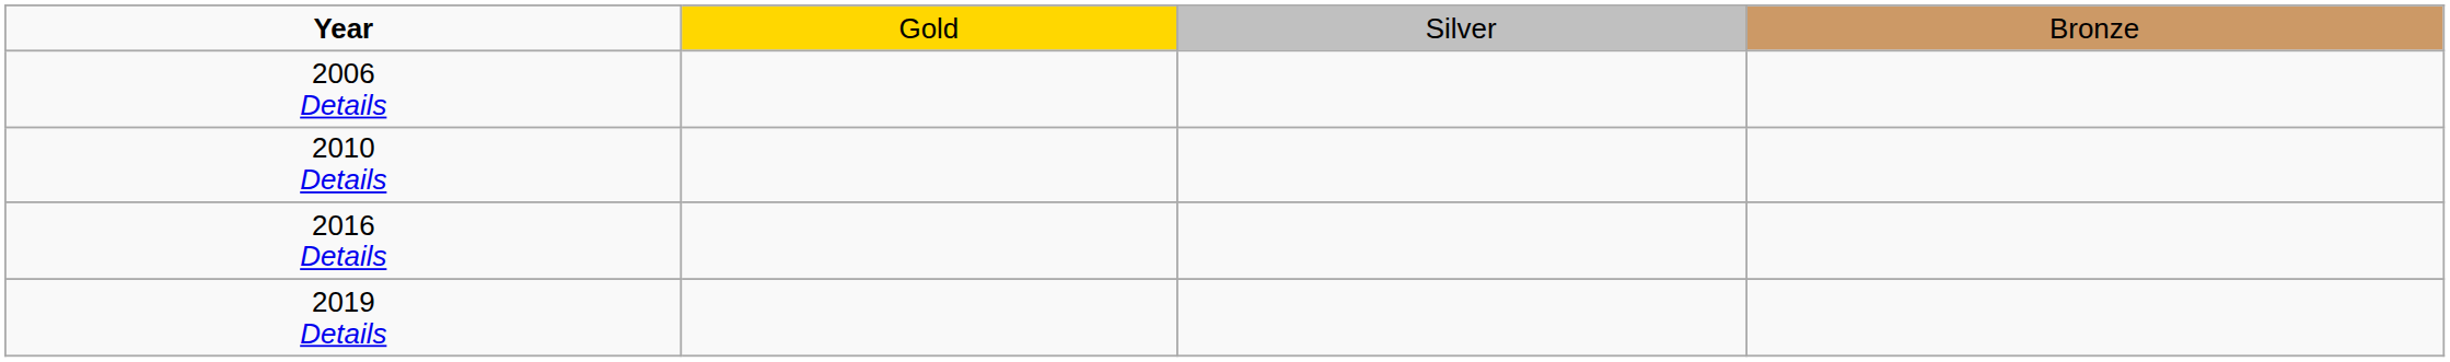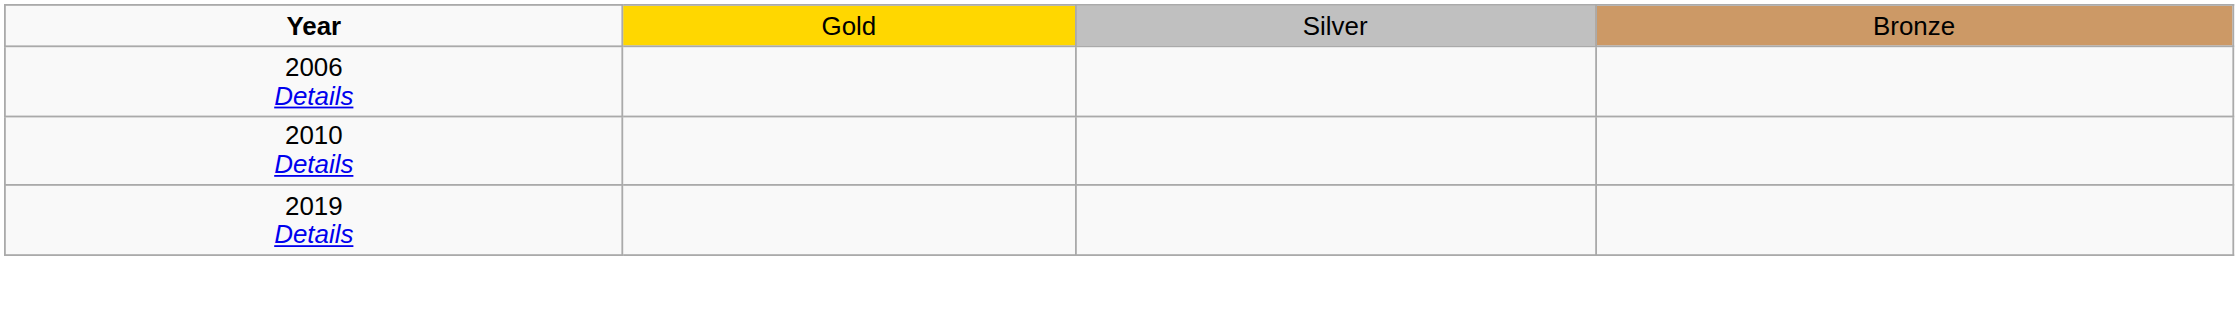 <table class="wikitable" style="font-size:90%; width: 98%; text-align: center;">
 <tr>
 <td><strong>Year</strong></td>
 <td bgcolor="gold">Gold</td>
 <td bgcolor="silver">Silver</td>
 <td style="background:#c96;">Bronze</td>
 </tr>
 <tr>
 <td>2006<br><em><a href='#'>Details</a></em></td>
 <td></td>
 <td></td>
 <td></td>
 </tr>
 <tr>
 <td>2010<br><em><a href='#'>Details</a></em></td>
 <td></td>
 <td></td>
 <td><br></td>
 </tr>
 <tr>
-<td>2016<br><em><a href='#'>Details</a></em></td>
-<td></td>
-<td></td>
-<td><br></td>
-</tr>
-<tr>
 <td>2019<br><em><a href='#'>Details</a></em></td>
 <td></td>
 <td></td>
 <td><br></td>
 </tr>
 </table>
